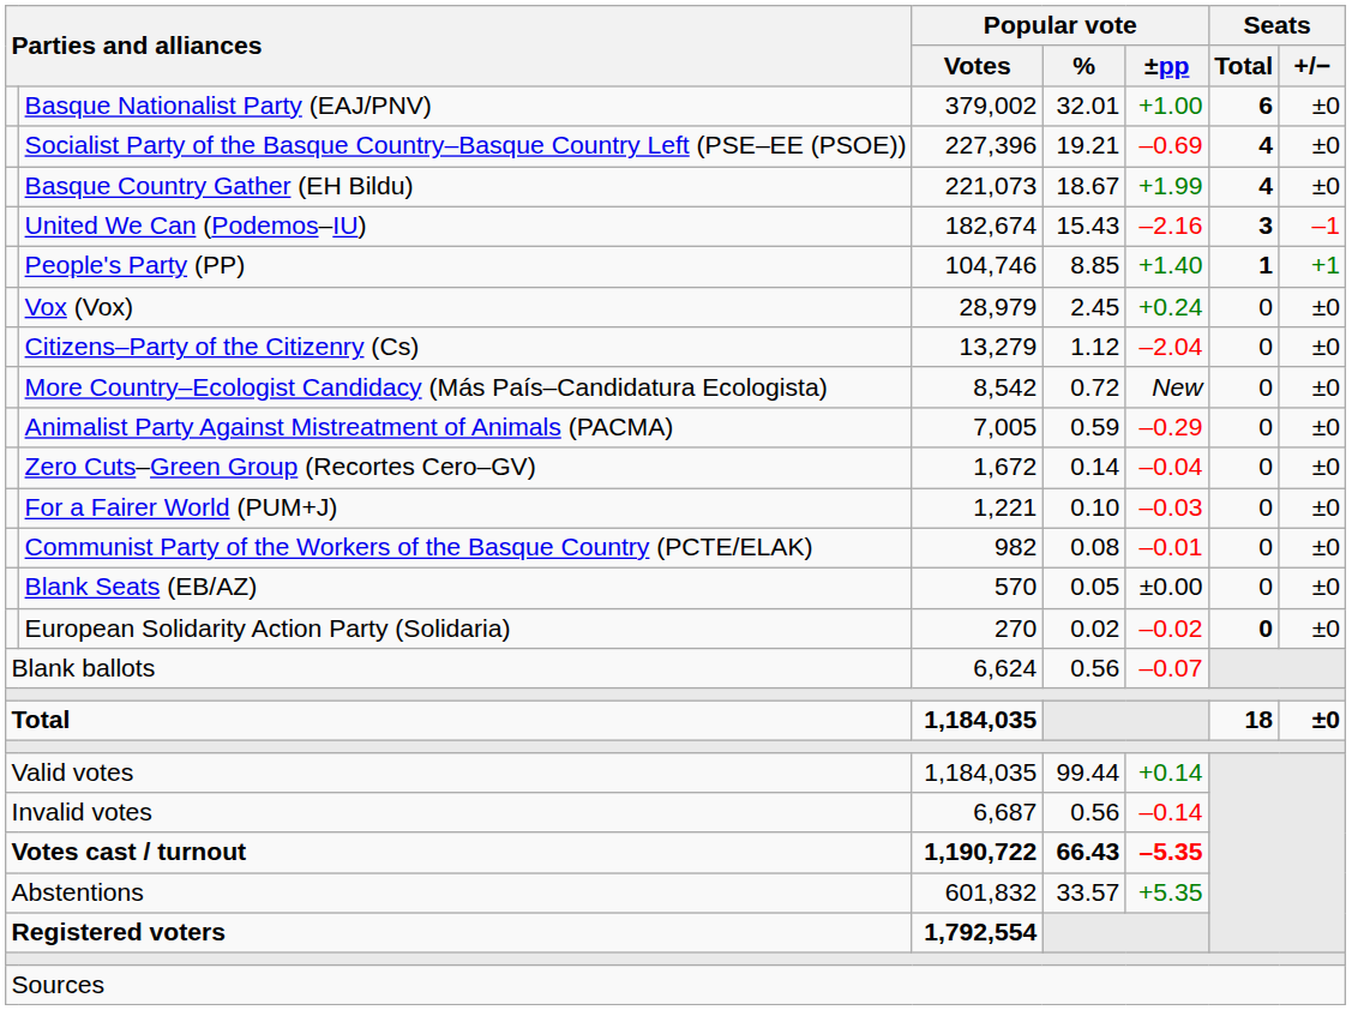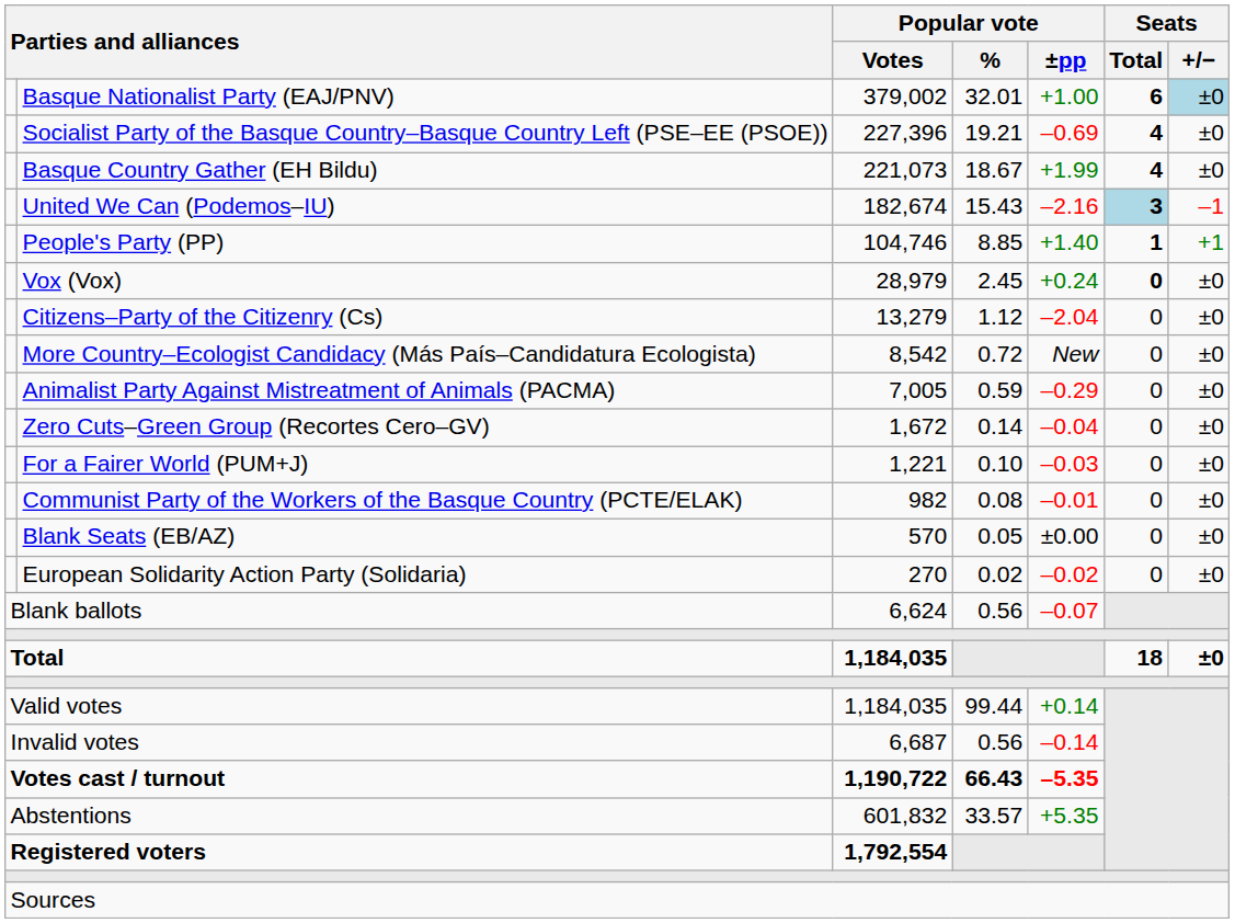 <table class="wikitable" style="text-align:right;">
 <tr>
 <th style="text-align:left;" rowspan="2" colspan="2" width="525">Parties and alliances</th>
 <th colspan="3">Popular vote</th>
 <th colspan="2">Seats</th>
 </tr>
 <tr>
 <th width="75">Votes</th>
 <th width="45">%</th>
 <th width="45">±<a href='#'>pp</a></th>
 <th width="35">Total</th>
 <th width="35">+/−</th>
 </tr>
 <tr>
 <td width="1" style="color:inherit;background:"></td>
 <td align="left"><a href='#'>Basque Nationalist Party</a> (EAJ/PNV)</td>
 <td>379,002</td>
 <td>32.01</td>
 <td style="color:green;">+1.00</td>
 <td><strong>6</strong></td>
-<td>±0</td>
+<td style="background: lightblue;">±0</td>
 </tr>
 <tr>
 <td style="color:inherit;background:"></td>
 <td align="left"><a href='#'>Socialist Party of the Basque Country–Basque Country Left</a> (PSE–EE (PSOE))</td>
 <td>227,396</td>
 <td>19.21</td>
 <td style="color:red;">–0.69</td>
 <td><strong>4</strong></td>
 <td>±0</td>
 </tr>
 <tr>
 <td style="color:inherit;background:"></td>
 <td align="left"><a href='#'>Basque Country Gather</a> (EH Bildu)</td>
 <td>221,073</td>
 <td>18.67</td>
 <td style="color:green;">+1.99</td>
 <td><strong>4</strong></td>
 <td>±0</td>
 </tr>
 <tr>
 <td style="color:inherit;background:"></td>
 <td align="left"><a href='#'>United We Can</a> (<a href='#'>Podemos</a>–<a href='#'>IU</a>)</td>
 <td>182,674</td>
 <td>15.43</td>
 <td style="color:red;">–2.16</td>
-<td><strong>3</strong></td>
+<td style="background: lightblue;"><strong>3</strong></td>
 <td style="color:red;">–1</td>
 </tr>
 <tr>
 <td style="color:inherit;background:"></td>
 <td align="left"><a href='#'>People's Party</a> (PP)</td>
 <td>104,746</td>
 <td>8.85</td>
 <td style="color:green;">+1.40</td>
 <td><strong>1</strong></td>
 <td style="color:green;">+1</td>
 </tr>
 <tr>
 <td style="color:inherit;background:"></td>
 <td align="left"><a href='#'>Vox</a> (Vox)</td>
 <td>28,979</td>
 <td>2.45</td>
 <td style="color:green;">+0.24</td>
-<td>0</td>
+<td><strong>0</strong></td>
 <td>±0</td>
 </tr>
 <tr>
 <td style="color:inherit;background:"></td>
 <td align="left"><a href='#'>Citizens–Party of the Citizenry</a> (Cs)</td>
 <td>13,279</td>
 <td>1.12</td>
 <td style="color:red;">–2.04</td>
 <td>0</td>
 <td>±0</td>
 </tr>
 <tr>
 <td style="color:inherit;background:"></td>
 <td align="left"><a href='#'>More Country–Ecologist Candidacy</a> (Más País–Candidatura Ecologista)</td>
 <td>8,542</td>
 <td>0.72</td>
 <td><em>New</em></td>
 <td>0</td>
 <td>±0</td>
 </tr>
 <tr>
 <td style="color:inherit;background:"></td>
 <td align="left"><a href='#'>Animalist Party Against Mistreatment of Animals</a> (PACMA)</td>
 <td>7,005</td>
 <td>0.59</td>
 <td style="color:red;">–0.29</td>
 <td>0</td>
 <td>±0</td>
 </tr>
 <tr>
 <td style="color:inherit;background:"></td>
 <td align="left"><a href='#'>Zero Cuts</a>–<a href='#'>Green Group</a> (Recortes Cero–GV)</td>
 <td>1,672</td>
 <td>0.14</td>
 <td style="color:red;">–0.04</td>
 <td>0</td>
 <td>±0</td>
 </tr>
 <tr>
 <td style="color:inherit;background:"></td>
 <td align="left"><a href='#'>For a Fairer World</a> (PUM+J)</td>
 <td>1,221</td>
 <td>0.10</td>
 <td style="color:red;">–0.03</td>
 <td>0</td>
 <td>±0</td>
 </tr>
 <tr>
 <td style="color:inherit;background:"></td>
 <td align="left"><a href='#'>Communist Party of the Workers of the Basque Country</a> (PCTE/ELAK)</td>
 <td>982</td>
 <td>0.08</td>
 <td style="color:red;">–0.01</td>
 <td>0</td>
 <td>±0</td>
 </tr>
 <tr>
 <td style="color:inherit;background:"></td>
 <td align="left"><a href='#'>Blank Seats</a> (EB/AZ)</td>
 <td>570</td>
 <td>0.05</td>
 <td>±0.00</td>
 <td>0</td>
 <td>±0</td>
 </tr>
 <tr>
 <td style="color:inherit;background:"></td>
 <td align="left">European Solidarity Action Party (Solidaria)</td>
 <td>270</td>
 <td>0.02</td>
 <td style="color:red;">–0.02</td>
-<td><strong>0</strong></td>
+<td>0</td>
 <td>±0</td>
 </tr>
 <tr>
 <td align="left" colspan="2">Blank ballots</td>
 <td>6,624</td>
 <td>0.56</td>
 <td style="color:red;">–0.07</td>
 <td bgcolor="#E9E9E9" colspan="2"></td>
 </tr>
 <tr>
 <td colspan="7" bgcolor="#E9E9E9"></td>
 </tr>
 <tr style="font-weight:bold;">
 <td align="left" colspan="2">Total</td>
 <td>1,184,035</td>
 <td bgcolor="#E9E9E9" colspan="2"></td>
 <td>18</td>
 <td>±0</td>
 </tr>
 <tr>
 <td colspan="7" bgcolor="#E9E9E9"></td>
 </tr>
 <tr>
 <td align="left" colspan="2">Valid votes</td>
 <td>1,184,035</td>
 <td>99.44</td>
 <td style="color:green;">+0.14</td>
 <td bgcolor="#E9E9E9" colspan="2" rowspan="5"></td>
 </tr>
 <tr>
 <td align="left" colspan="2">Invalid votes</td>
 <td>6,687</td>
 <td>0.56</td>
 <td style="color:red;">–0.14</td>
 </tr>
 <tr style="font-weight:bold;">
 <td align="left" colspan="2">Votes cast / turnout</td>
 <td>1,190,722</td>
 <td>66.43</td>
 <td style="color:red;">–5.35</td>
 </tr>
 <tr>
 <td align="left" colspan="2">Abstentions</td>
 <td>601,832</td>
 <td>33.57</td>
 <td style="color:green;">+5.35</td>
 </tr>
 <tr style="font-weight:bold;">
 <td align="left" colspan="2">Registered voters</td>
 <td>1,792,554</td>
 <td bgcolor="#E9E9E9" colspan="2"></td>
 </tr>
 <tr>
 <td colspan="7" bgcolor="#E9E9E9"></td>
 </tr>
 <tr>
 <td align="left" colspan="7">Sources</td>
 </tr>
 </table>
